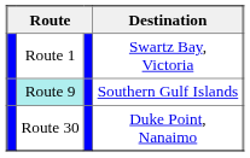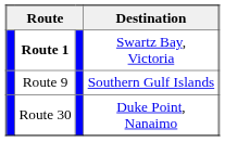 <table class="toccolours" border="2" cellpadding="4" style="margin: 0 auto; border-collapse: collapse; text-align: center;">
 <tr style="background: #F0F0F0;">
 <th colspan="3">Route</th>
 <th>Destination</th>
 </tr>
 <tr style="text-align: center;">
 <td style="background:blue;"></td>
-<td>Route 1</td>
+<td><strong>Route 1</strong></td>
 <td style="background:blue;"></td>
 <td colspan="2"><a href='#'>Swartz Bay</a>,<br><a href='#'>Victoria</a></td>
 </tr>
 <tr style="text-align: center;">
 <td style="background:blue;"></td>
-<td style="background: paleturquoise;">Route 9</td>
+<td>Route 9</td>
 <td style="background:blue;"></td>
 <td colspan="2"><a href='#'>Southern Gulf Islands</a></td>
 </tr>
 <tr style="text-align: center;">
 <td style="background:blue;"></td>
 <td>Route 30</td>
 <td style="background:blue;"></td>
 <td colspan="2"><a href='#'>Duke Point</a>,<br><a href='#'>Nanaimo</a></td>
 </tr>
 </table>
